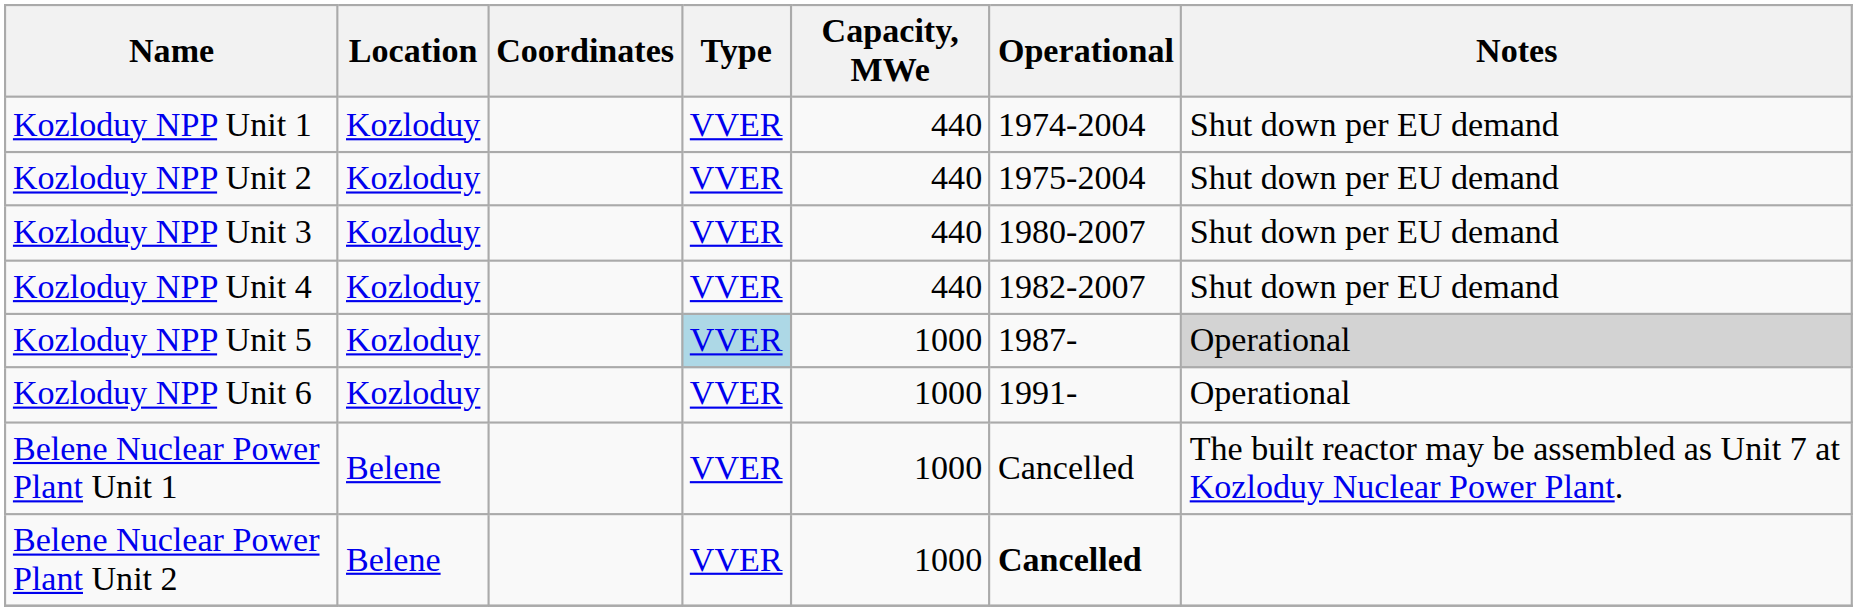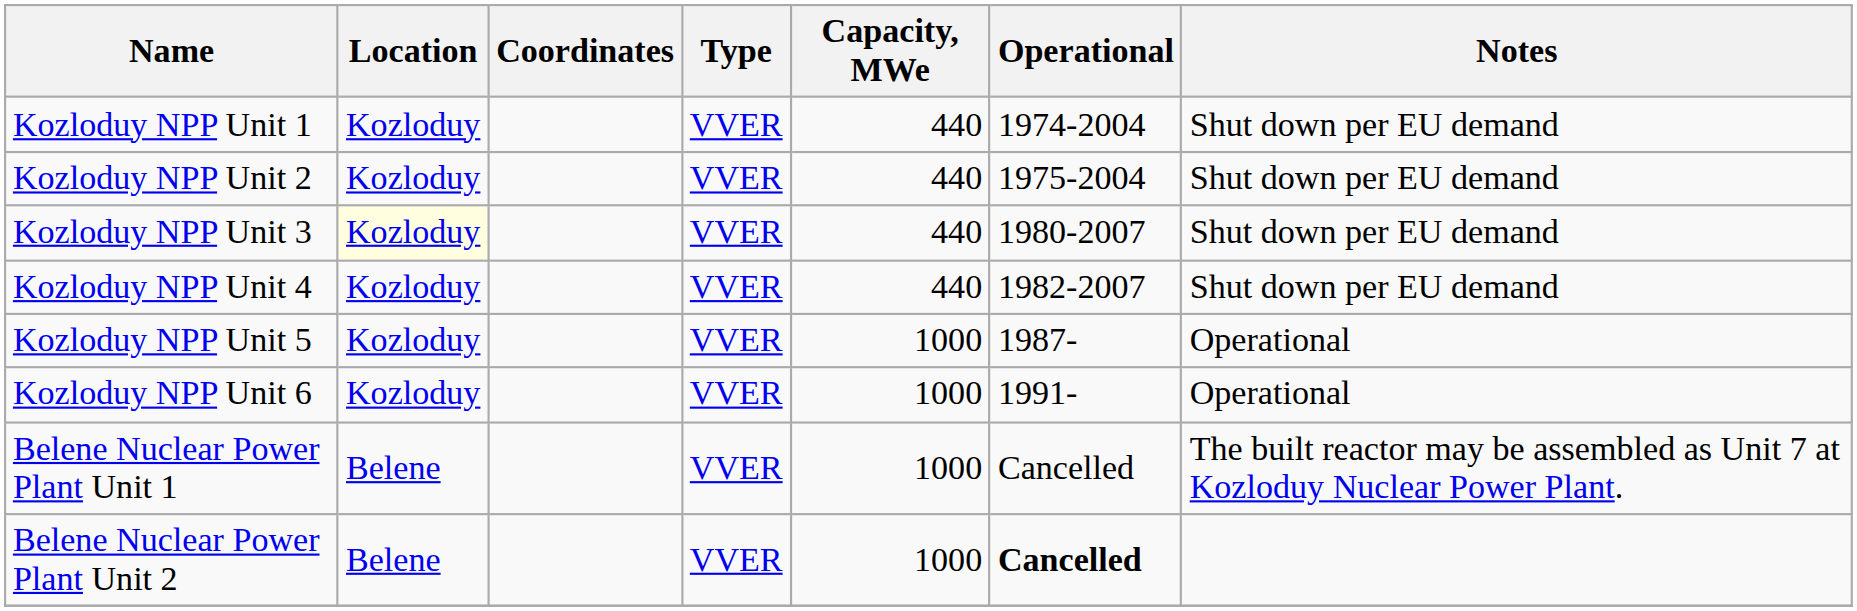 <table class="wikitable sortable">
 <tr>
 <th>Name</th>
 <th>Location</th>
 <th>Coordinates</th>
 <th>Type</th>
 <th>Capacity, MWe</th>
 <th>Operational</th>
 <th>Notes</th>
 </tr>
 <tr>
 <td><a href='#'>Kozloduy NPP</a> Unit 1</td>
 <td><a href='#'>Kozloduy</a></td>
 <td></td>
 <td><a href='#'>VVER</a></td>
 <td align="right">440</td>
 <td>1974-2004</td>
 <td>Shut down per EU demand</td>
 </tr>
 <tr>
 <td><a href='#'>Kozloduy NPP</a> Unit 2</td>
 <td><a href='#'>Kozloduy</a></td>
 <td></td>
 <td><a href='#'>VVER</a></td>
 <td align="right">440</td>
 <td>1975-2004</td>
 <td>Shut down per EU demand</td>
 </tr>
 <tr>
 <td><a href='#'>Kozloduy NPP</a> Unit 3</td>
-<td><a href='#'>Kozloduy</a></td>
+<td style="background: lightyellow;"><a href='#'>Kozloduy</a></td>
 <td></td>
 <td><a href='#'>VVER</a></td>
 <td align="right">440</td>
 <td>1980-2007</td>
 <td>Shut down per EU demand</td>
 </tr>
 <tr>
 <td><a href='#'>Kozloduy NPP</a> Unit 4</td>
 <td><a href='#'>Kozloduy</a></td>
 <td></td>
 <td><a href='#'>VVER</a></td>
 <td align="right">440</td>
 <td>1982-2007</td>
 <td>Shut down per EU demand</td>
 </tr>
 <tr>
 <td><a href='#'>Kozloduy NPP</a> Unit 5</td>
 <td><a href='#'>Kozloduy</a></td>
 <td></td>
-<td style="background: lightblue;"><a href='#'>VVER</a></td>
+<td><a href='#'>VVER</a></td>
 <td align="right">1000</td>
 <td>1987-</td>
-<td style="background: lightgrey;">Operational</td>
+<td>Operational</td>
 </tr>
 <tr>
 <td><a href='#'>Kozloduy NPP</a> Unit 6</td>
 <td><a href='#'>Kozloduy</a></td>
 <td></td>
 <td><a href='#'>VVER</a></td>
 <td align="right">1000</td>
 <td>1991-</td>
 <td>Operational</td>
 </tr>
 <tr>
 <td><a href='#'>Belene Nuclear Power Plant</a> Unit 1</td>
 <td><a href='#'>Belene</a></td>
 <td></td>
 <td><a href='#'>VVER</a></td>
 <td align="right">1000</td>
 <td>Cancelled</td>
 <td>The built reactor may be assembled as Unit 7 at <a href='#'>Kozloduy Nuclear Power Plant</a>.</td>
 </tr>
 <tr>
 <td><a href='#'>Belene Nuclear Power Plant</a> Unit 2</td>
 <td><a href='#'>Belene</a></td>
 <td></td>
 <td><a href='#'>VVER</a></td>
 <td align="right">1000</td>
 <td><strong>Cancelled</strong></td>
 <td></td>
 </tr>
 <tr>
 </tr>
 </table>
